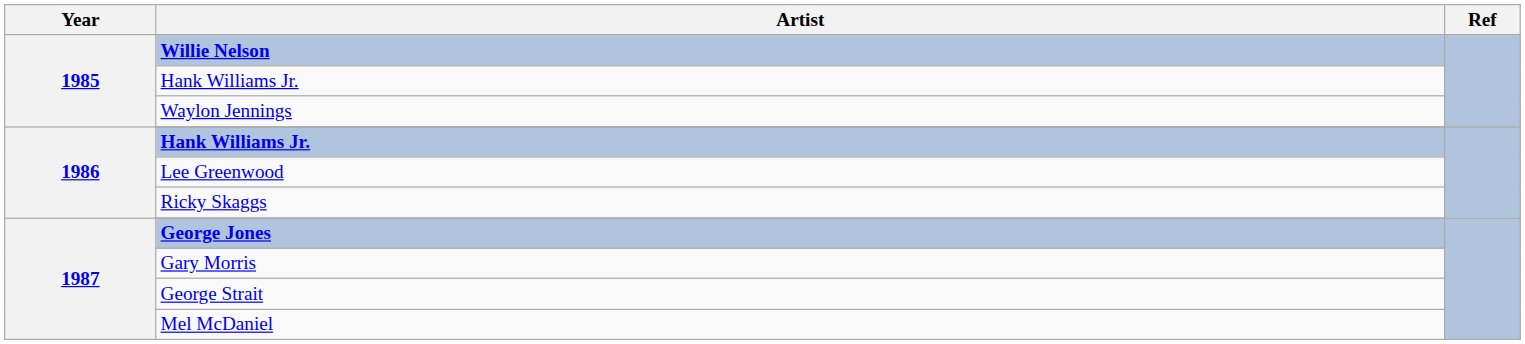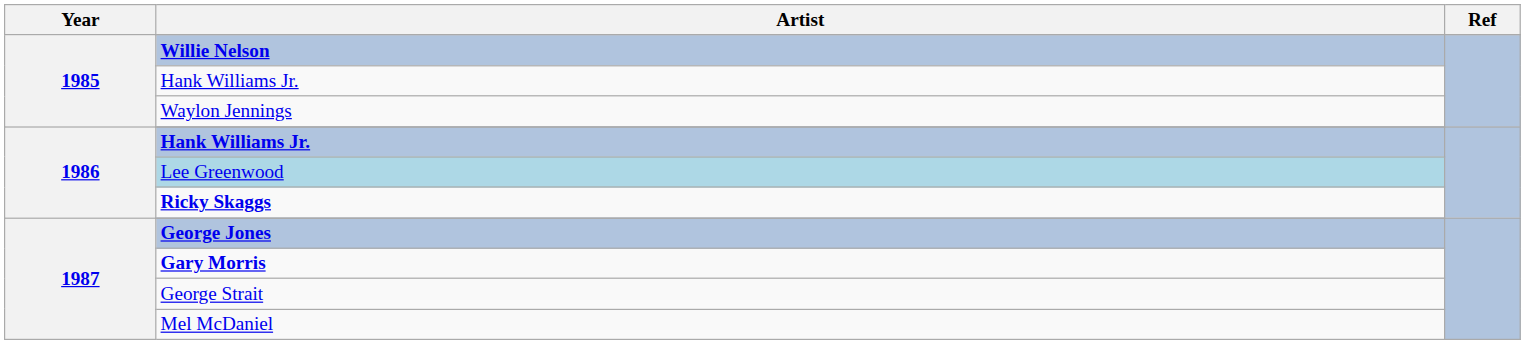 <table class="wikitable" width="100%">
 <tr>
 <th width="10%">Year</th>
 <th width="85%">Artist</th>
 <th width="5%">Ref</th>
 </tr>
 <tr>
 <th rowspan="4" align="center"><a href='#'>1985<br></a></th>
 </tr>
 <tr style="background:#B0C4DE">
 <td><strong><a href='#'>Willie Nelson</a></strong></td>
 <td rowspan="4" align="center"></td>
 </tr>
 <tr>
 <td><a href='#'>Hank Williams Jr.</a></td>
 </tr>
 <tr>
 <td><a href='#'>Waylon Jennings</a></td>
 </tr>
 <tr>
 <th rowspan="4" align="center"><a href='#'>1986<br></a></th>
 </tr>
 <tr style="background:#B0C4DE">
 <td><strong><a href='#'>Hank Williams Jr.</a></strong></td>
 <td rowspan="4" align="center"></td>
 </tr>
 <tr>
-<td><a href='#'>Lee Greenwood</a></td>
+<td style="background: lightblue;"><a href='#'>Lee Greenwood</a></td>
 </tr>
 <tr>
-<td><a href='#'>Ricky Skaggs</a></td>
+<td><strong><a href='#'>Ricky Skaggs</a></strong></td>
 </tr>
 <tr>
 <th rowspan="5" align="center"><a href='#'>1987<br></a></th>
 </tr>
 <tr style="background:#B0C4DE">
 <td><strong><a href='#'>George Jones</a></strong></td>
 <td rowspan="5" align="center"></td>
 </tr>
 <tr>
-<td><a href='#'>Gary Morris</a></td>
+<td><strong><a href='#'>Gary Morris</a></strong></td>
 </tr>
 <tr>
 <td><a href='#'>George Strait</a></td>
 </tr>
 <tr>
 <td><a href='#'>Mel McDaniel</a></td>
 </tr>
 </table>
